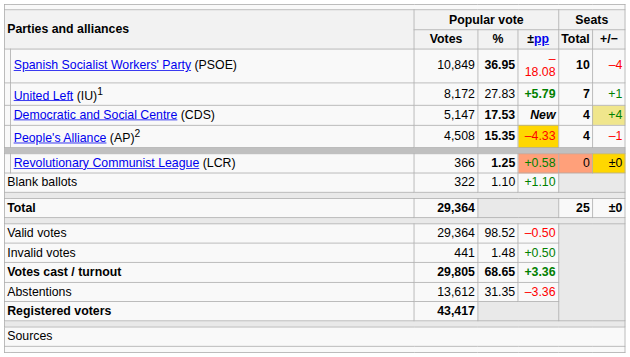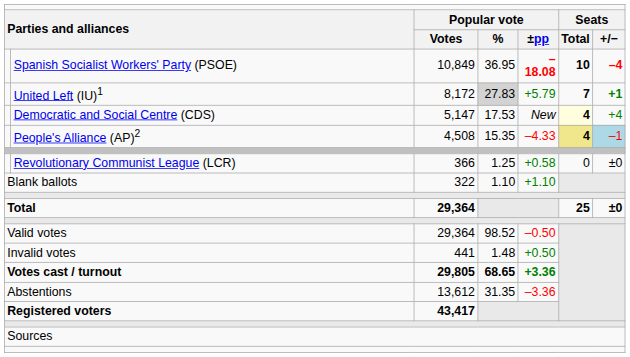 <table class="wikitable" style="text-align:right;">
 <tr>
 <td colspan="7"></td>
 </tr>
 <tr>
 <th style="text-align:left;" rowspan="2" colspan="2" width="525">Parties and alliances</th>
 <th colspan="3">Popular vote</th>
 <th colspan="2">Seats</th>
 </tr>
 <tr>
 <th width="75">Votes</th>
 <th width="45">%</th>
 <th width="45">±<a href='#'>pp</a></th>
 <th width="35">Total</th>
 <th width="35">+/−</th>
 </tr>
 <tr>
 <td width="1" style="color:inherit;background:"></td>
 <td align="left"><a href='#'>Spanish Socialist Workers' Party</a> (PSOE)</td>
 <td>10,849</td>
-<td><strong>36.95</strong></td>
-<td style="color:red;">–18.08</td>
+<td>36.95</td>
+<td style="color:red;"><strong>–18.08</strong></td>
 <td><strong>10</strong></td>
-<td style="color:red;">–4</td>
+<td style="color:red;"><strong>–4</strong></td>
 </tr>
 <tr>
 <td style="color:inherit;background:"></td>
 <td align="left"><a href='#'>United Left</a> (IU)<sup>1</sup></td>
 <td>8,172</td>
-<td>27.83</td>
-<td style="color:green;"><strong>+5.79</strong></td>
+<td style="background: lightgrey;">27.83</td>
+<td style="color:green;">+5.79</td>
 <td><strong>7</strong></td>
-<td style="color:green;">+1</td>
+<td style="color:green;"><strong>+1</strong></td>
 </tr>
 <tr>
 <td style="color:inherit;background:"></td>
 <td align="left"><a href='#'>Democratic and Social Centre</a> (CDS)</td>
 <td>5,147</td>
-<td><strong>17.53</strong></td>
-<td><strong><em>New</em></strong></td>
-<td><strong>4</strong></td>
-<td style="background: khaki; color:green;">+4</td>
+<td>17.53</td>
+<td><em>New</em></td>
+<td style="background: lightyellow;"><strong>4</strong></td>
+<td style="color:green;">+4</td>
 </tr>
 <tr>
 <td style="color:inherit;background:"></td>
 <td align="left"><a href='#'>People's Alliance</a> (AP)<sup>2</sup></td>
 <td>4,508</td>
-<td><strong>15.35</strong></td>
-<td style="background: gold; color:red;">–4.33</td>
-<td><strong>4</strong></td>
-<td style="color:red;">–1</td>
+<td>15.35</td>
+<td style="color:red;">–4.33</td>
+<td style="background: khaki;"><strong>4</strong></td>
+<td style="background: lightblue; color:red;">–1</td>
 </tr>
 <tr>
 <td colspan="7" bgcolor="#C0C0C0"></td>
 </tr>
 <tr>
 <td style="color:inherit;background:"></td>
 <td align="left"><a href='#'>Revolutionary Communist League</a> (LCR)</td>
 <td>366</td>
-<td><strong>1.25</strong></td>
-<td style="background: lightsalmon; color:green;">+0.58</td>
-<td style="background: lightsalmon;">0</td>
-<td style="background: gold;">±0</td>
+<td>1.25</td>
+<td style="color:green;">+0.58</td>
+<td>0</td>
+<td>±0</td>
 </tr>
 <tr>
 <td align="left" colspan="2">Blank ballots</td>
 <td>322</td>
 <td>1.10</td>
 <td style="color:green;">+1.10</td>
 <td bgcolor="#E9E9E9" colspan="2"></td>
 </tr>
 <tr>
 <td colspan="7" bgcolor="#E9E9E9"></td>
 </tr>
 <tr style="font-weight:bold;">
 <td align="left" colspan="2">Total</td>
 <td>29,364</td>
 <td bgcolor="#E9E9E9" colspan="2"></td>
 <td>25</td>
 <td>±0</td>
 </tr>
 <tr>
 <td colspan="7" bgcolor="#E9E9E9"></td>
 </tr>
 <tr>
 <td align="left" colspan="2">Valid votes</td>
 <td>29,364</td>
 <td>98.52</td>
 <td style="color:red;">–0.50</td>
 <td bgcolor="#E9E9E9" colspan="2" rowspan="5"></td>
 </tr>
 <tr>
 <td align="left" colspan="2">Invalid votes</td>
 <td>441</td>
 <td>1.48</td>
 <td style="color:green;">+0.50</td>
 </tr>
 <tr style="font-weight:bold;">
 <td align="left" colspan="2">Votes cast / turnout</td>
 <td>29,805</td>
 <td>68.65</td>
 <td style="color:green;">+3.36</td>
 </tr>
 <tr>
 <td align="left" colspan="2">Abstentions</td>
 <td>13,612</td>
 <td>31.35</td>
 <td style="color:red;">–3.36</td>
 </tr>
 <tr style="font-weight:bold;">
 <td align="left" colspan="2">Registered voters</td>
 <td>43,417</td>
 <td bgcolor="#E9E9E9" colspan="2"></td>
 </tr>
 <tr>
 <td colspan="7" bgcolor="#E9E9E9"></td>
 </tr>
 <tr>
 <td align="left" colspan="7">Sources</td>
 </tr>
 <tr>
 <td colspan="7" style="text-align:left; max-width:790px;"></td>
 </tr>
 </table>
